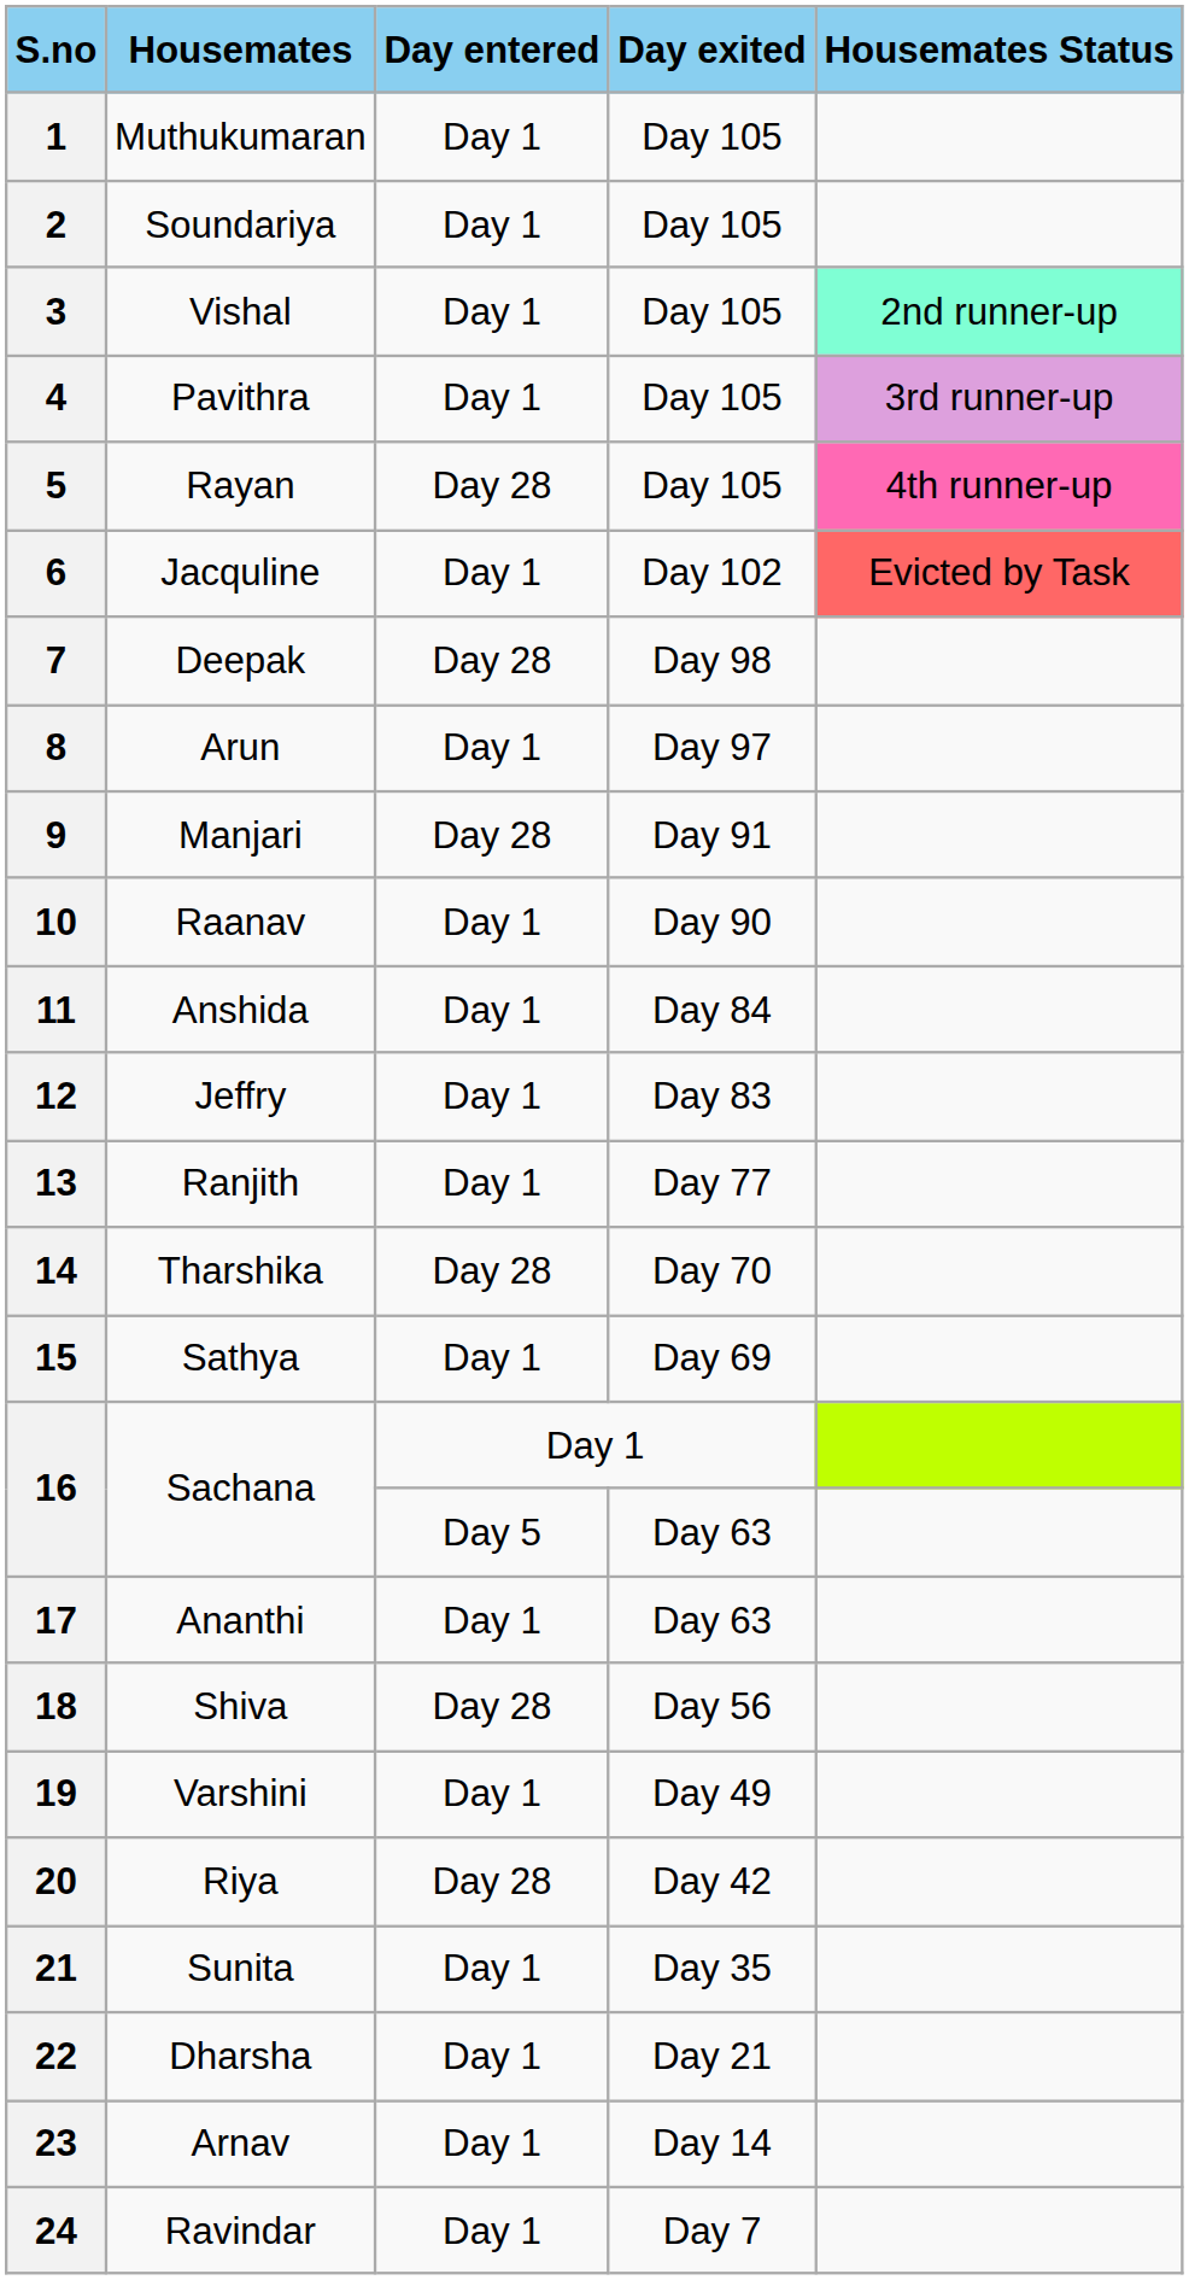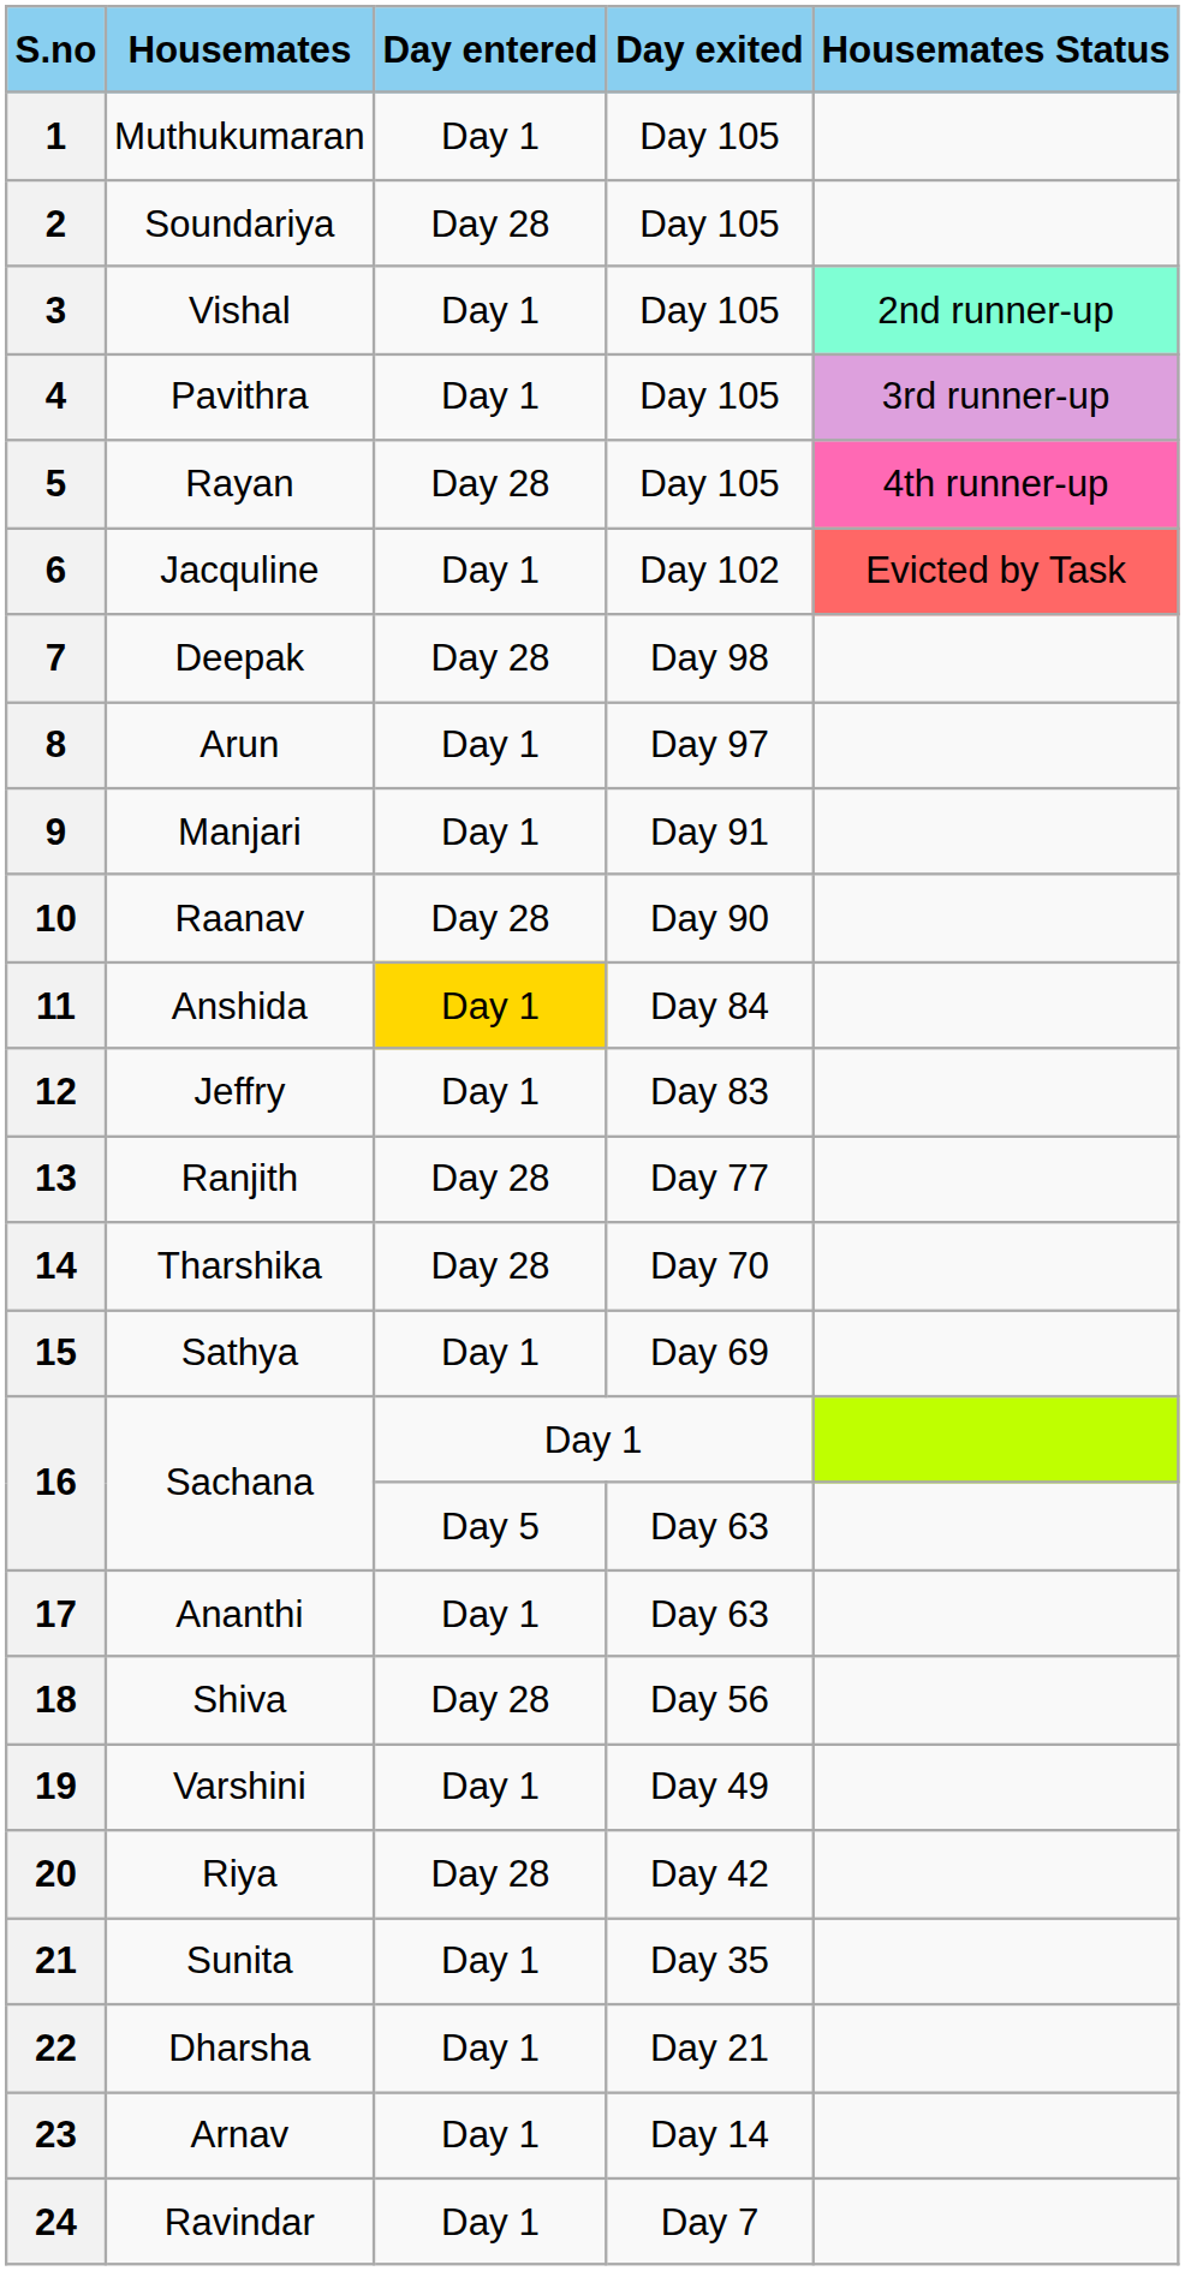 <table class="wikitable sortable" style=" text-align:center; font-size:85%; line-height:25px; width:auto;">
 <tr>
 <th style="background:#89CFF0; color: black;">S.no</th>
 <th style="background:#89CFF0; color:black;">Housemates</th>
 <th style="background:#89CFF0; color:black;">Day entered</th>
 <th style="background:#89CFF0; color:black;">Day exited</th>
 <th style="background:#89CFF0;">Housemates Status</th>
 </tr>
 <tr>
 <th>1</th>
 <td>Muthukumaran</td>
 <td>Day 1</td>
 <td>Day 105</td>
 <td></td>
 </tr>
 <tr>
 <th>2</th>
 <td>Soundariya</td>
-<td>Day 1</td>
+<td>Day 28</td>
 <td>Day 105</td>
 <td></td>
 </tr>
 <tr>
 <th>3</th>
 <td>Vishal</td>
 <td>Day 1</td>
 <td>Day 105</td>
 <td style="background:#7FFFD4;">2nd runner-up</td>
 </tr>
 <tr>
 <th>4</th>
 <td>Pavithra</td>
 <td>Day 1</td>
 <td>Day 105</td>
 <td style="background: #DDA0DD">3rd runner-up</td>
 </tr>
 <tr>
 <th>5</th>
 <td>Rayan</td>
 <td>Day 28</td>
 <td>Day 105</td>
 <td style="background:#FF69B4">4th runner-up</td>
 </tr>
 <tr>
 <th>6</th>
 <td>Jacquline</td>
 <td>Day 1</td>
 <td>Day 102</td>
 <td style="background:#ff6766;">Evicted by Task </td>
 </tr>
 <tr>
 <th>7</th>
 <td>Deepak</td>
 <td>Day 28</td>
 <td>Day 98</td>
 <td></td>
 </tr>
 <tr>
 <th>8</th>
 <td>Arun</td>
 <td>Day 1</td>
 <td>Day 97</td>
 <td></td>
 </tr>
 <tr>
 <th>9</th>
 <td>Manjari</td>
-<td>Day 28</td>
+<td>Day 1</td>
 <td>Day 91</td>
 <td></td>
 </tr>
 <tr>
 <th>10</th>
 <td>Raanav</td>
-<td>Day 1</td>
+<td>Day 28</td>
 <td>Day 90</td>
 <td></td>
 </tr>
 <tr>
 <th>11</th>
 <td>Anshida</td>
-<td>Day 1</td>
+<td style="background: gold;">Day 1</td>
 <td>Day 84</td>
 <td></td>
 </tr>
 <tr>
 <th>12</th>
 <td>Jeffry</td>
 <td>Day 1</td>
 <td>Day 83</td>
 <td></td>
 </tr>
 <tr>
 <th>13</th>
 <td>Ranjith</td>
-<td>Day 1</td>
+<td>Day 28</td>
 <td>Day 77</td>
 <td></td>
 </tr>
 <tr>
 <th>14</th>
 <td>Tharshika</td>
 <td>Day 28</td>
 <td>Day 70</td>
 <td></td>
 </tr>
 <tr>
 <th>15</th>
 <td>Sathya</td>
 <td>Day 1</td>
 <td>Day 69</td>
 <td></td>
 </tr>
 <tr>
 <th rowspan="2">16</th>
 <td rowspan="2">Sachana</td>
 <td colspan="2">Day 1</td>
 <td bgcolor="#BFFF00"></td>
 </tr>
 <tr>
 <td>Day 5</td>
 <td rowspan="1">Day 63</td>
 <td></td>
 </tr>
 <tr>
 <th>17</th>
 <td>Ananthi</td>
 <td>Day 1</td>
 <td>Day 63</td>
 <td></td>
 </tr>
 <tr>
 <th>18</th>
 <td>Shiva</td>
 <td>Day 28</td>
 <td>Day 56</td>
 <td></td>
 </tr>
 <tr>
 <th>19</th>
 <td>Varshini</td>
 <td>Day 1</td>
 <td>Day 49</td>
 <td></td>
 </tr>
 <tr>
 <th>20</th>
 <td>Riya</td>
 <td>Day 28</td>
 <td>Day 42</td>
 <td></td>
 </tr>
 <tr>
 <th>21</th>
 <td>Sunita</td>
 <td>Day 1</td>
 <td>Day 35</td>
 <td></td>
 </tr>
 <tr>
 <th>22</th>
 <td>Dharsha</td>
 <td>Day 1</td>
 <td>Day 21</td>
 <td></td>
 </tr>
 <tr>
 <th>23</th>
 <td>Arnav</td>
 <td>Day 1</td>
 <td>Day 14</td>
 <td></td>
 </tr>
 <tr>
 <th>24</th>
 <td>Ravindar</td>
 <td>Day 1</td>
 <td>Day 7</td>
 <td></td>
 </tr>
 </table>
